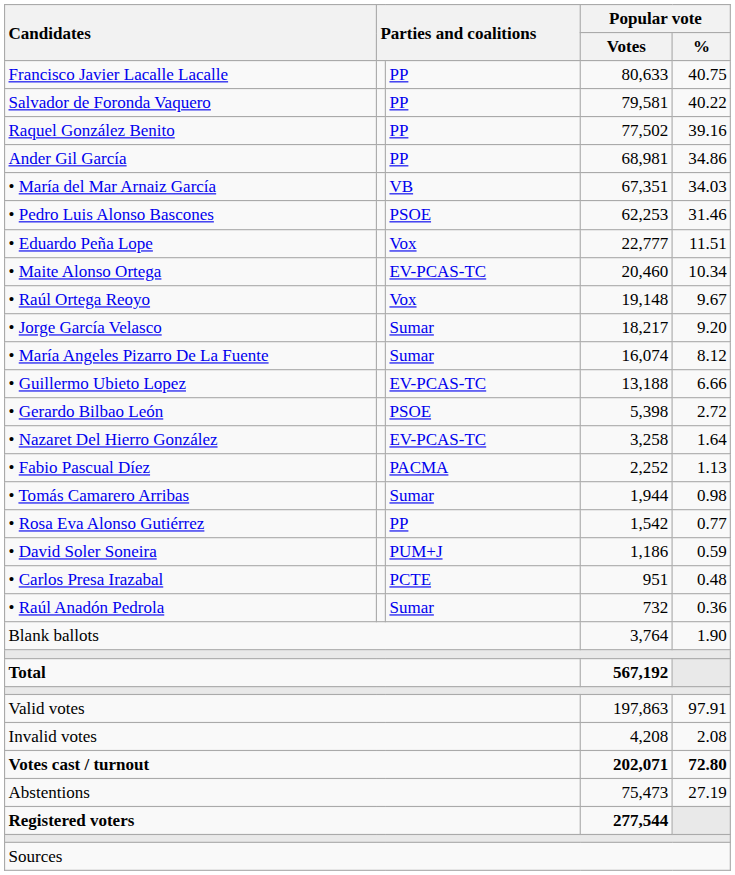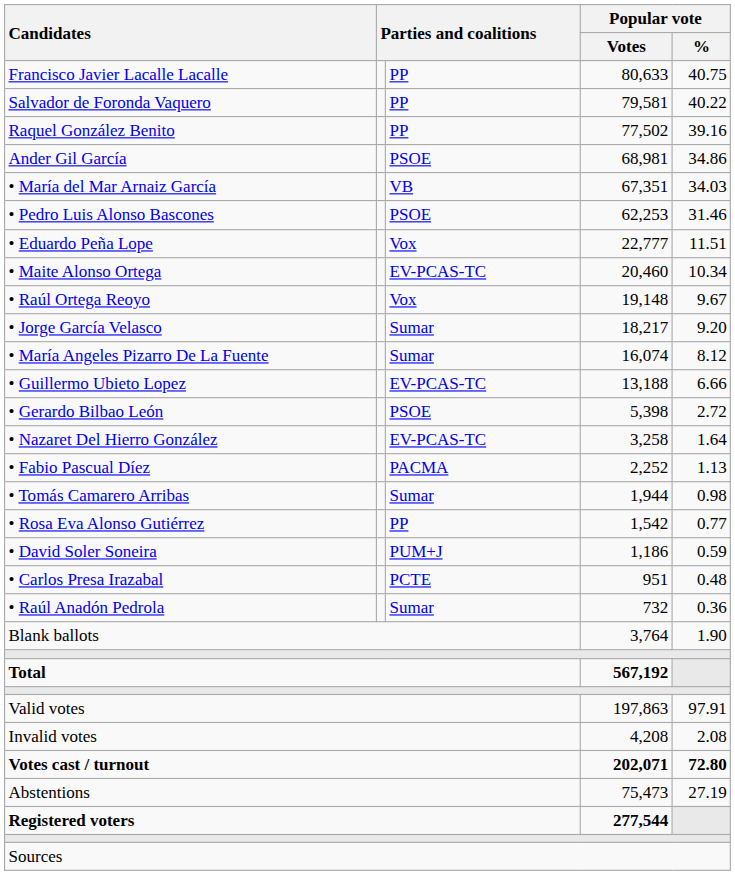 <table class="wikitable" style="text-align:right; font-size:95%;">
 <tr>
 <th style="text-align:left;" rowspan="2" width="325">Candidates</th>
 <th style="text-align:left;" rowspan="2" colspan="2" width="175">Parties and coalitions</th>
 <th colspan="2">Popular vote</th>
 </tr>
 <tr>
 <th width="75">Votes</th>
 <th width="45">%</th>
 </tr>
 <tr>
 <td align="left"> <a href='#'>Francisco Javier Lacalle Lacalle</a></td>
 <td width="1" style="color:inherit;background:"></td>
 <td align="left"><a href='#'>PP</a></td>
 <td>80,633</td>
 <td>40.75</td>
 </tr>
 <tr>
 <td align="left"> <a href='#'>Salvador de Foronda Vaquero</a></td>
 <td width="1" style="color:inherit;background:"></td>
 <td align="left"><a href='#'>PP</a></td>
 <td>79,581</td>
 <td>40.22</td>
 </tr>
 <tr>
 <td align="left"> <a href='#'>Raquel González Benito</a></td>
 <td width="1" style="color:inherit;background:"></td>
 <td align="left"><a href='#'>PP</a></td>
 <td>77,502</td>
 <td>39.16</td>
 </tr>
 <tr>
 <td align="left"> <a href='#'>Ander Gil García</a></td>
 <td width="1" style="color:inherit;background:"></td>
-<td align="left"><a href='#'>PP</a></td>
+<td align="left"><a href='#'>PSOE</a></td>
 <td>68,981</td>
 <td>34.86</td>
 </tr>
 <tr>
 <td align="left">• <a href='#'>María del Mar Arnaiz García</a></td>
 <td width="1" style="color:inherit;background:"></td>
 <td align="left"><a href='#'>VB</a></td>
 <td>67,351</td>
 <td>34.03</td>
 </tr>
 <tr>
 <td align="left">• <a href='#'>Pedro Luis Alonso Bascones</a></td>
 <td width="1" style="color:inherit;background:"></td>
 <td align="left"><a href='#'>PSOE</a></td>
 <td>62,253</td>
 <td>31.46</td>
 </tr>
 <tr>
 <td align="left">• <a href='#'>Eduardo Peña Lope</a></td>
 <td width="1" style="color:inherit;background:"></td>
 <td align="left"><a href='#'>Vox</a></td>
 <td>22,777</td>
 <td>11.51</td>
 </tr>
 <tr>
 <td align="left">• <a href='#'>Maite Alonso Ortega</a></td>
 <td width="1" style="color:inherit;background:"></td>
 <td align="left"><a href='#'>EV-PCAS-TC</a></td>
 <td>20,460</td>
 <td>10.34</td>
 </tr>
 <tr>
 <td align="left">• <a href='#'>Raúl Ortega Reoyo</a></td>
 <td width="1" style="color:inherit;background:"></td>
 <td align="left"><a href='#'>Vox</a></td>
 <td>19,148</td>
 <td>9.67</td>
 </tr>
 <tr>
 <td align="left">• <a href='#'>Jorge García Velasco</a></td>
 <td width="1" style="color:inherit;background:"></td>
 <td align="left"><a href='#'>Sumar</a></td>
 <td>18,217</td>
 <td>9.20</td>
 </tr>
 <tr>
 <td align="left">• <a href='#'>María Angeles Pizarro De La Fuente</a></td>
 <td width="1" style="color:inherit;background:"></td>
 <td align="left"><a href='#'>Sumar</a></td>
 <td>16,074</td>
 <td>8.12</td>
 </tr>
 <tr>
 <td align="left">• <a href='#'>Guillermo Ubieto Lopez</a></td>
 <td width="1" style="color:inherit;background:"></td>
 <td align="left"><a href='#'>EV-PCAS-TC</a></td>
 <td>13,188</td>
 <td>6.66</td>
 </tr>
 <tr>
 <td align="left">• <a href='#'>Gerardo Bilbao León</a></td>
 <td width="1" style="color:inherit;background:"></td>
 <td align="left"><a href='#'>PSOE</a></td>
 <td>5,398</td>
 <td>2.72</td>
 </tr>
 <tr>
 <td align="left">• <a href='#'>Nazaret Del Hierro González</a></td>
 <td width="1" style="color:inherit;background:"></td>
 <td align="left"><a href='#'>EV-PCAS-TC</a></td>
 <td>3,258</td>
 <td>1.64</td>
 </tr>
 <tr>
 <td align="left">• <a href='#'>Fabio Pascual Díez</a></td>
 <td width="1" style="color:inherit;background:"></td>
 <td align="left"><a href='#'>PACMA</a></td>
 <td>2,252</td>
 <td>1.13</td>
 </tr>
 <tr>
 <td align="left">• <a href='#'>Tomás Camarero Arribas</a></td>
 <td width="1" style="color:inherit;background:"></td>
 <td align="left"><a href='#'>Sumar</a></td>
 <td>1,944</td>
 <td>0.98</td>
 </tr>
 <tr>
 <td align="left">• <a href='#'>Rosa Eva Alonso Gutiérrez</a></td>
 <td width="1" style="color:inherit;background:"></td>
 <td align="left"><a href='#'>PP</a></td>
 <td>1,542</td>
 <td>0.77</td>
 </tr>
 <tr>
 <td align="left">• <a href='#'>David Soler Soneira</a></td>
 <td width="1" style="color:inherit;background:"></td>
 <td align="left"><a href='#'>PUM+J</a></td>
 <td>1,186</td>
 <td>0.59</td>
 </tr>
 <tr>
 <td align="left">• <a href='#'>Carlos Presa Irazabal</a></td>
 <td width="1" style="color:inherit;background:"></td>
 <td align="left"><a href='#'>PCTE</a></td>
 <td>951</td>
 <td>0.48</td>
 </tr>
 <tr>
 <td align="left">• <a href='#'>Raúl Anadón Pedrola</a></td>
 <td width="1" style="color:inherit;background:"></td>
 <td align="left"><a href='#'>Sumar</a></td>
 <td>732</td>
 <td>0.36</td>
 </tr>
 <tr>
 <td align="left" colspan="3">Blank ballots</td>
 <td>3,764</td>
 <td>1.90</td>
 </tr>
 <tr>
 <td colspan="5" bgcolor="#E9E9E9"></td>
 </tr>
 <tr style="font-weight:bold;">
 <td align="left" colspan="3">Total</td>
 <td>567,192</td>
 <td bgcolor="#E9E9E9"></td>
 </tr>
 <tr>
 <td colspan="5" bgcolor="#E9E9E9"></td>
 </tr>
 <tr>
 <td align="left" colspan="3">Valid votes</td>
 <td>197,863</td>
 <td>97.91</td>
 </tr>
 <tr>
 <td align="left" colspan="3">Invalid votes</td>
 <td>4,208</td>
 <td>2.08</td>
 </tr>
 <tr style="font-weight:bold;">
 <td align="left" colspan="3">Votes cast / turnout</td>
 <td>202,071</td>
 <td>72.80</td>
 </tr>
 <tr>
 <td align="left" colspan="3">Abstentions</td>
 <td>75,473</td>
 <td>27.19</td>
 </tr>
 <tr style="font-weight:bold;">
 <td align="left" colspan="3">Registered voters</td>
 <td>277,544</td>
 <td bgcolor="#E9E9E9"></td>
 </tr>
 <tr>
 <td colspan="5" bgcolor="#E9E9E9"></td>
 </tr>
 <tr>
 <td align="left" colspan="5">Sources</td>
 </tr>
 </table>
